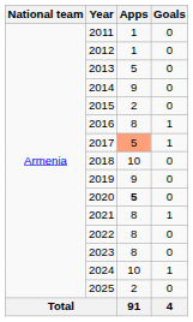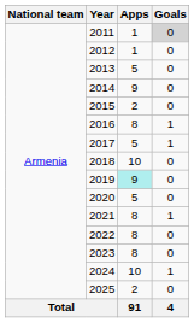 <table class="wikitable" style="text-align:center">
 <tr>
 <th>National team</th>
 <th>Year</th>
 <th>Apps</th>
 <th>Goals</th>
 </tr>
 <tr>
 <td rowspan="15"><a href='#'>Armenia</a></td>
 <td>2011</td>
 <td>1</td>
-<td>0</td>
+<td style="background: lightgrey;">0</td>
 </tr>
 <tr>
 <td>2012</td>
 <td>1</td>
 <td>0</td>
 </tr>
 <tr>
 <td>2013</td>
 <td>5</td>
 <td>0</td>
 </tr>
 <tr>
 <td>2014</td>
 <td>9</td>
 <td>0</td>
 </tr>
 <tr>
 <td>2015</td>
 <td>2</td>
 <td>0</td>
 </tr>
 <tr>
 <td>2016</td>
 <td>8</td>
 <td>1</td>
 </tr>
 <tr>
 <td>2017</td>
-<td style="background: lightsalmon;">5</td>
+<td>5</td>
 <td>1</td>
 </tr>
 <tr>
 <td>2018</td>
 <td>10</td>
 <td>0</td>
 </tr>
 <tr>
 <td>2019</td>
-<td>9</td>
+<td style="background: paleturquoise;">9</td>
 <td>0</td>
 </tr>
 <tr>
 <td>2020</td>
-<td><strong>5</strong></td>
+<td>5</td>
 <td>0</td>
 </tr>
 <tr>
 <td>2021</td>
 <td>8</td>
 <td>1</td>
 </tr>
 <tr>
 <td>2022</td>
 <td>8</td>
 <td>0</td>
 </tr>
 <tr>
 <td>2023</td>
 <td>8</td>
 <td>0</td>
 </tr>
 <tr>
 <td>2024</td>
 <td>10</td>
 <td>1</td>
 </tr>
 <tr>
 <td>2025</td>
 <td>2</td>
 <td>0</td>
 </tr>
 <tr>
 <th colspan="2">Total</th>
 <th>91</th>
 <th>4</th>
 </tr>
 </table>
